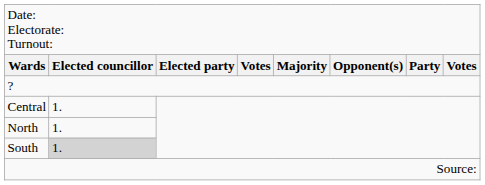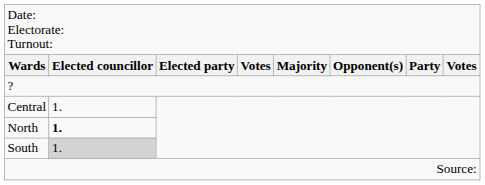 <table class=wikitable>
 <tr>
 <td colspan=8>Date: <br>Electorate: <br>Turnout:</td>
 </tr>
 <tr>
 <th>Wards</th>
 <th>Elected councillor</th>
 <th>Elected party</th>
 <th>Votes</th>
 <th>Majority</th>
 <th>Opponent(s)</th>
 <th>Party</th>
 <th>Votes</th>
 </tr>
 <tr>
 <td colspan=8>? </td>
 </tr>
 <tr>
 <td>Central</td>
 <td>1.</td>
 </tr>
 <tr>
 <td>North</td>
-<td>1.</td>
+<td><strong>1.</strong></td>
 </tr>
 <tr>
 <td>South</td>
 <td style="background: lightgrey;">1.</td>
 </tr>
 <tr>
 <td colspan=8 align=right>Source: </td>
 </tr>
 </table>
